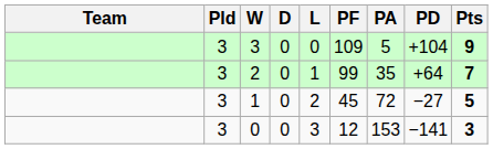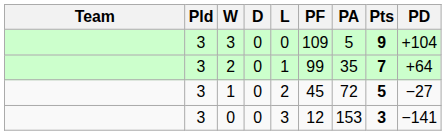 <table class="wikitable" style="text-align:center;">
 <tr>
 <th width=175>Team</th>
 <th style="width:20px;" abbr="Played">Pld</th>
 <th style="width:20px;" abbr="Won">W</th>
 <th style="width:20px;" abbr="Drawn">D</th>
 <th style="width:20px;" abbr="Lost">L</th>
 <th style="width:20px;" abbr="Points for">PF</th>
 <th style="width:20px;" abbr="Points against">PA</th>
+<th style="width:20px;" abbr="Points">Pts</th>
 <th style="width:25px;" abbr="Points difference">PD</th>
-<th style="width:20px;" abbr="Points">Pts</th>
 </tr>
 <tr style="background:#cfc;">
 <td align=left></td>
 <td>3</td>
 <td>3</td>
 <td>0</td>
 <td>0</td>
 <td>109</td>
 <td>5</td>
+<td><strong>9</strong></td>
 <td>+104</td>
-<td><strong>9</strong></td>
 </tr>
 <tr style="background:#cfc;">
 <td align=left></td>
 <td>3</td>
 <td>2</td>
 <td>0</td>
 <td>1</td>
 <td>99</td>
 <td>35</td>
+<td><strong>7</strong></td>
 <td>+64</td>
-<td><strong>7</strong></td>
 </tr>
 <tr>
 <td align=left></td>
 <td>3</td>
 <td>1</td>
 <td>0</td>
 <td>2</td>
 <td>45</td>
 <td>72</td>
+<td><strong>5</strong></td>
 <td>−27</td>
-<td><strong>5</strong></td>
 </tr>
 <tr>
 <td align=left></td>
 <td>3</td>
 <td>0</td>
 <td>0</td>
 <td>3</td>
 <td>12</td>
 <td>153</td>
+<td><strong>3</strong></td>
 <td>−141</td>
-<td><strong>3</strong></td>
 </tr>
 </table>
